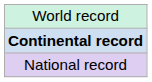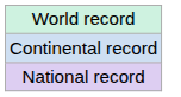 <table class="wikitable" style="text-align: center;">
 <tr>
 <td bgcolor="#CEF2E0">World record</td>
 </tr>
 <tr>
-<td bgcolor="#CEDFF2"><strong>Continental record</strong></td>
+<td bgcolor="#CEDFF2">Continental record</td>
 </tr>
 <tr>
 <td bgcolor="DDCEF2">National record</td>
 </tr>
 </table>
